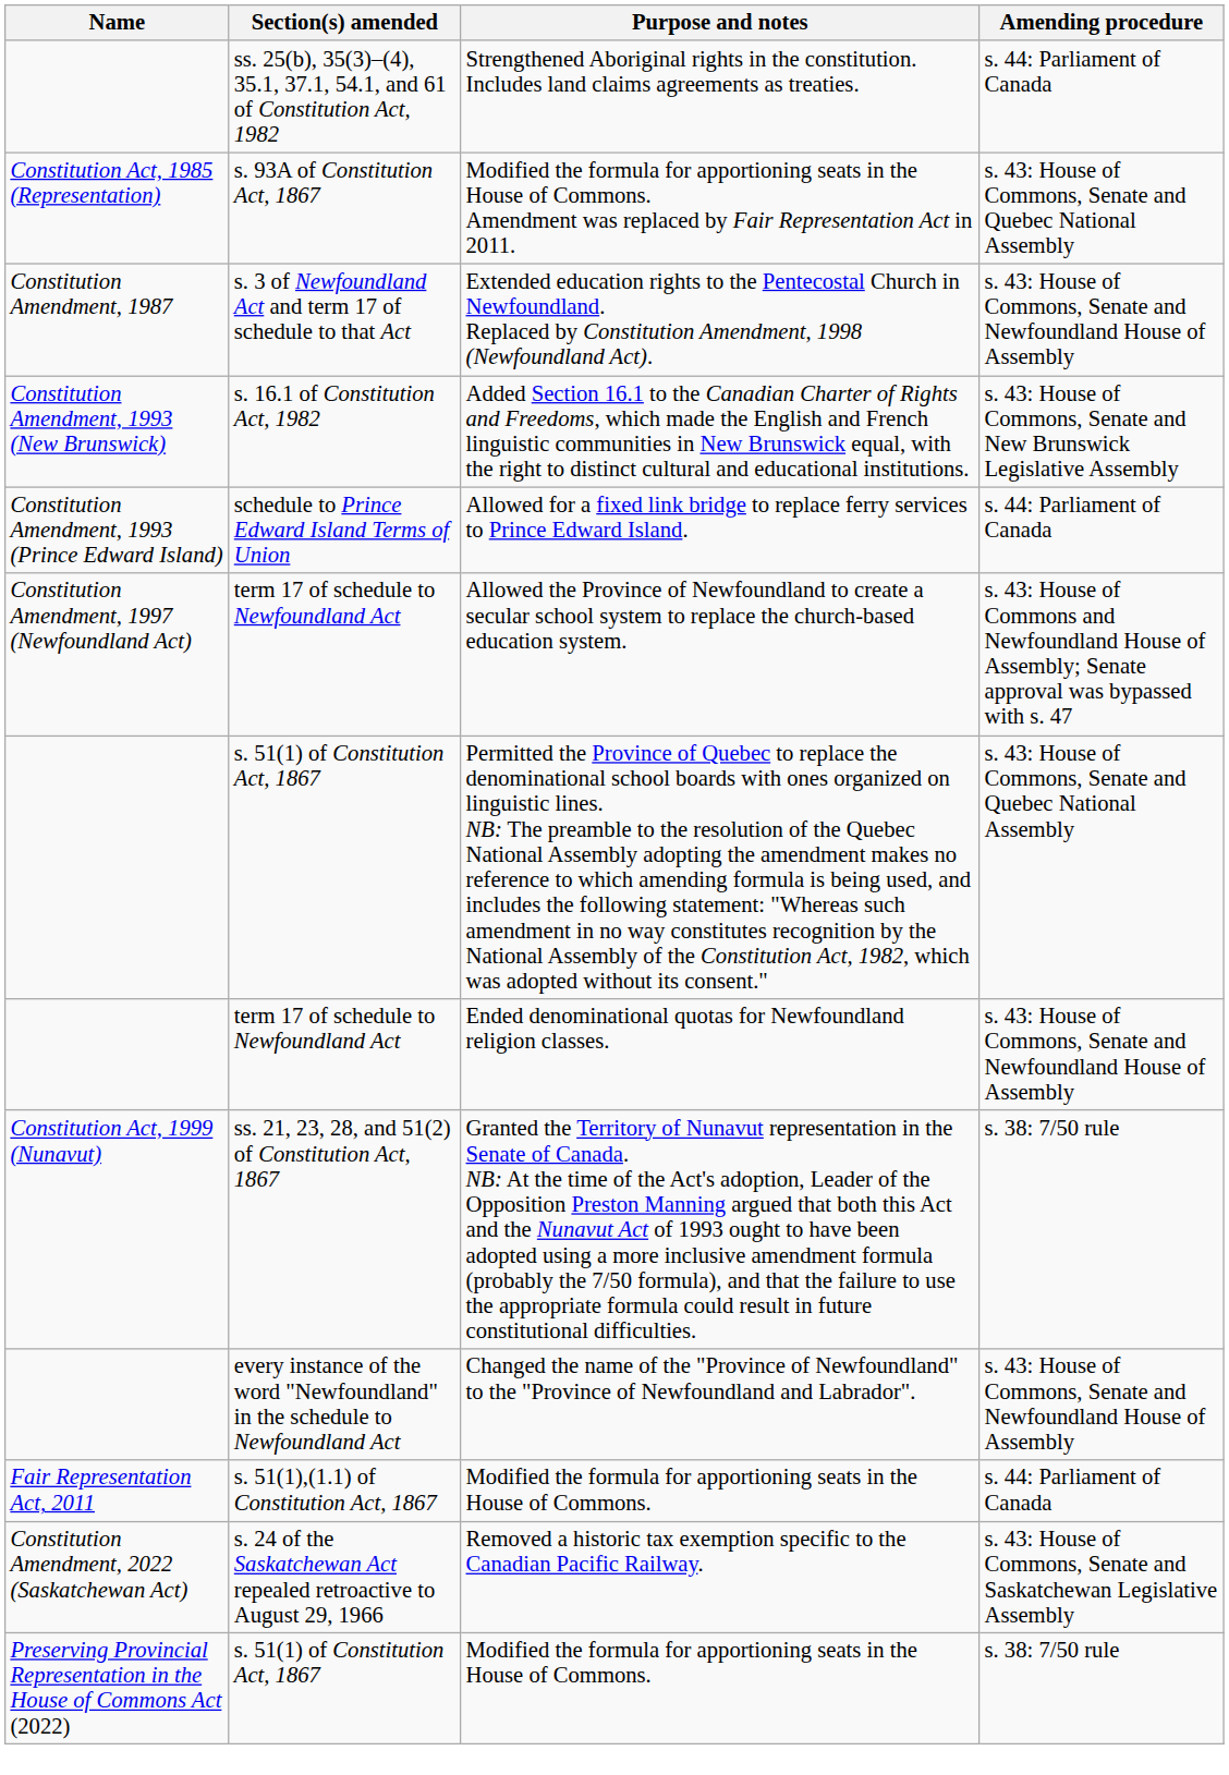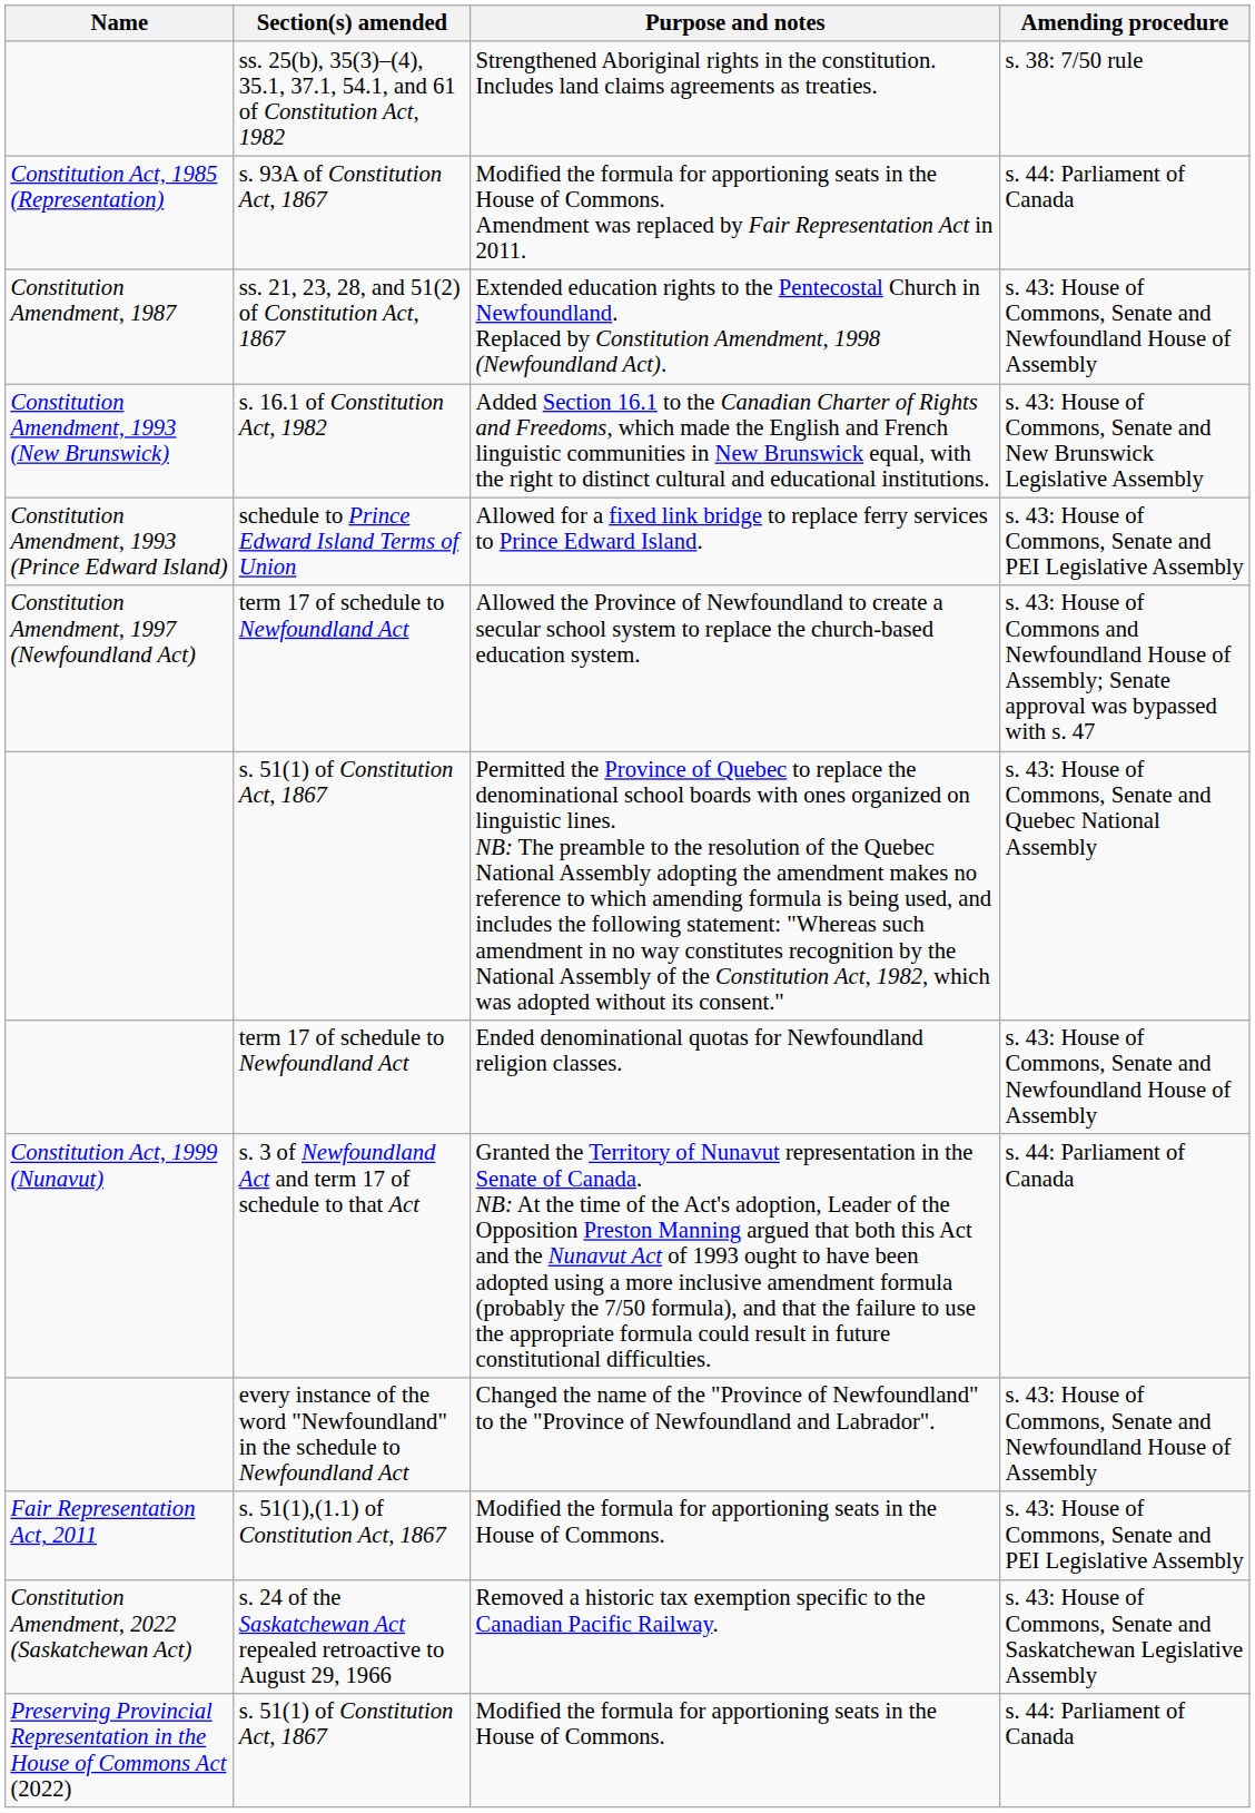 <table class="wikitable" border="1">
 <tr>
 <th>Name</th>
 <th>Section(s) amended</th>
 <th>Purpose and notes</th>
 <th>Amending procedure</th>
 </tr>
 <tr valign="top">
 <td><em></em></td>
 <td>ss. 25(b), 35(3)–(4), 35.1, 37.1, 54.1, and 61 of <em>Constitution Act, 1982</em></td>
 <td>Strengthened Aboriginal rights in the constitution. Includes land claims agreements as treaties.</td>
-<td>s. 44: Parliament of Canada</td>
+<td>s. 38: 7/50 rule</td>
 </tr>
 <tr valign="top">
 <td><em><a href='#'>Constitution Act, 1985 (Representation)</a></em></td>
 <td>s. 93A of <em>Constitution Act, 1867</em></td>
 <td>Modified the formula for apportioning seats in the House of Commons.<br>Amendment was replaced by <em>Fair Representation Act</em> in 2011.</td>
-<td>s. 43: House of Commons, Senate and Quebec National Assembly</td>
+<td>s. 44: Parliament of Canada</td>
 </tr>
 <tr valign="top">
 <td><em>Constitution Amendment, 1987</em></td>
-<td>s. 3 of <em><a href='#'>Newfoundland Act</a></em> and term 17 of schedule to that <em>Act</em></td>
+<td>ss. 21, 23, 28, and 51(2) of <em>Constitution Act, 1867</em></td>
 <td>Extended education rights to the <a href='#'>Pentecostal</a> Church in <a href='#'>Newfoundland</a>.<br>Replaced by <em>Constitution Amendment, 1998 (Newfoundland Act)</em>.</td>
 <td>s. 43: House of Commons, Senate and Newfoundland House of Assembly</td>
 </tr>
 <tr valign="top">
 <td><em><a href='#'>Constitution Amendment, 1993 (New Brunswick)</a></em></td>
 <td>s. 16.1 of <em>Constitution Act, 1982</em></td>
 <td>Added <a href='#'>Section 16.1</a> to the <em>Canadian Charter of Rights and Freedoms</em>, which made the English and French linguistic communities in <a href='#'>New Brunswick</a> equal, with the right to distinct cultural and educational institutions.</td>
 <td>s. 43: House of Commons, Senate and New Brunswick Legislative Assembly</td>
 </tr>
 <tr valign="top">
 <td><em>Constitution Amendment, 1993 (Prince Edward Island)</em></td>
 <td>schedule to <em><a href='#'>Prince Edward Island Terms of Union</a></em></td>
 <td>Allowed for a <a href='#'>fixed link bridge</a> to replace ferry services to <a href='#'>Prince Edward Island</a>.</td>
-<td>s. 44: Parliament of Canada</td>
+<td>s. 43: House of Commons, Senate and PEI Legislative Assembly</td>
 </tr>
 <tr valign="top">
 <td><em>Constitution Amendment, 1997 (Newfoundland Act)</em></td>
 <td>term 17 of schedule to <em><a href='#'>Newfoundland Act</a></em></td>
 <td>Allowed the Province of Newfoundland to create a secular school system to replace the church-based education system.</td>
 <td>s. 43: House of Commons and Newfoundland House of Assembly; Senate approval was bypassed with s. 47</td>
 </tr>
 <tr valign="top">
 <td><em></em></td>
 <td>s. 51(1) of <em>Constitution Act, 1867</em></td>
 <td>Permitted the <a href='#'>Province of Quebec</a> to replace the denominational school boards with ones organized on linguistic lines.<br><em>NB:</em> The preamble to the resolution of the Quebec National Assembly adopting the amendment makes no reference to which amending formula is being used, and includes the following statement: "Whereas such amendment in no way constitutes recognition by the National Assembly of the <em>Constitution Act, 1982</em>, which was adopted without its consent."</td>
 <td>s. 43: House of Commons, Senate and Quebec National Assembly</td>
 </tr>
 <tr valign="top">
 <td><em></em></td>
 <td>term 17 of schedule to <em>Newfoundland Act</em></td>
 <td>Ended denominational quotas for Newfoundland religion classes.</td>
 <td>s. 43: House of Commons, Senate and Newfoundland House of Assembly</td>
 </tr>
 <tr valign="top">
 <td><em><a href='#'>Constitution Act, 1999 (Nunavut)</a></em></td>
-<td>ss. 21, 23, 28, and 51(2) of <em>Constitution Act, 1867</em></td>
+<td>s. 3 of <em><a href='#'>Newfoundland Act</a></em> and term 17 of schedule to that <em>Act</em></td>
 <td>Granted the <a href='#'>Territory of Nunavut</a> representation in the <a href='#'>Senate of Canada</a>.<br><em>NB:</em> At the time of the Act's adoption, Leader of the Opposition <a href='#'>Preston Manning</a> argued that both this Act and the <em><a href='#'>Nunavut Act</a></em> of 1993 ought to have been adopted using a more inclusive amendment formula (probably the 7/50 formula), and that the failure to use the appropriate formula could result in future constitutional difficulties.</td>
-<td>s. 38: 7/50 rule</td>
+<td>s. 44: Parliament of Canada</td>
 </tr>
 <tr valign="top">
 <td><em></em></td>
 <td>every instance of the word "Newfoundland" in the schedule to <em>Newfoundland Act</em></td>
 <td>Changed the name of the "Province of Newfoundland" to the "Province of Newfoundland and Labrador".</td>
 <td>s. 43: House of Commons, Senate and Newfoundland House of Assembly</td>
 </tr>
 <tr valign="top">
 <td><em><a href='#'>Fair Representation Act, 2011</a></em></td>
 <td>s. 51(1),(1.1) of <em>Constitution Act, 1867</em></td>
 <td>Modified the formula for apportioning seats in the House of Commons.</td>
-<td>s. 44: Parliament of Canada</td>
+<td>s. 43: House of Commons, Senate and PEI Legislative Assembly</td>
 </tr>
 <tr valign="top">
 <td><em>Constitution Amendment, 2022 (Saskatchewan Act)</em></td>
 <td>s. 24 of the <em><a href='#'>Saskatchewan Act</a></em> repealed retroactive to August 29, 1966</td>
 <td>Removed a historic tax exemption specific to the <a href='#'>Canadian Pacific Railway</a>.</td>
 <td>s. 43: House of Commons, Senate and Saskatchewan Legislative Assembly</td>
 </tr>
 <tr valign="top">
 <td><em><a href='#'>Preserving Provincial Representation in the House of Commons Act</a></em> (2022)</td>
 <td>s. 51(1) of <em>Constitution Act, 1867</em></td>
 <td>Modified the formula for apportioning seats in the House of Commons.</td>
-<td>s. 38: 7/50 rule</td>
+<td>s. 44: Parliament of Canada</td>
 </tr>
 </table>
